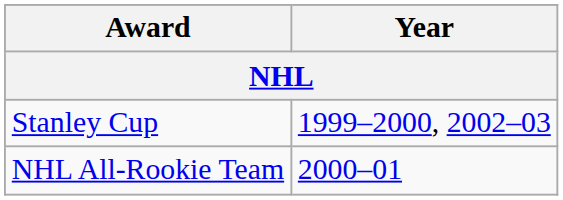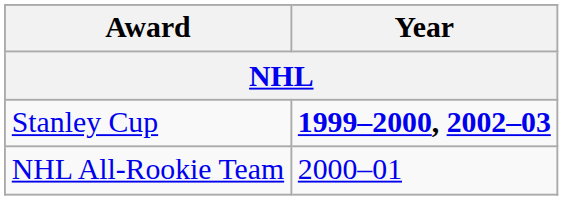 <table class="wikitable">
 <tr>
 <th>Award</th>
 <th>Year</th>
 </tr>
 <tr>
 <th colspan="2"><a href='#'>NHL</a></th>
 </tr>
 <tr>
 <td><a href='#'>Stanley Cup</a></td>
-<td><a href='#'>1999–2000</a>, <a href='#'>2002–03</a></td>
+<td><strong><a href='#'>1999–2000</a>, <a href='#'>2002–03</a></strong></td>
 </tr>
 <tr>
 <td><a href='#'>NHL All-Rookie Team</a></td>
 <td><a href='#'>2000–01</a></td>
 </tr>
 </table>
